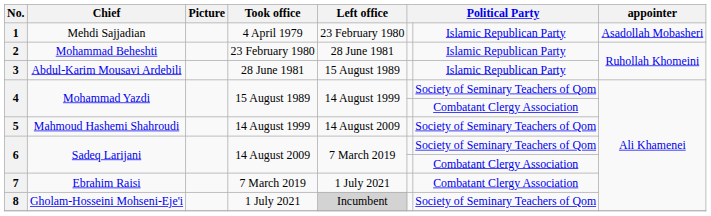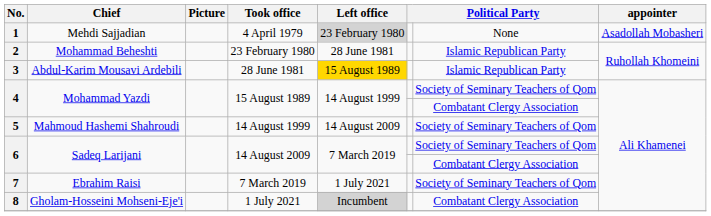 <table class="wikitable" style="text-align:center">
 <tr ->
 <th>No.</th>
 <th>Chief<br></th>
 <th>Picture</th>
 <th>Took office</th>
 <th>Left office</th>
 <th colspan=2><a href='#'>Political Party</a></th>
 <th>appointer</th>
 </tr>
 <tr ->
 <th>1</th>
 <td>Mehdi Sajjadian<br></td>
 <td></td>
 <td>4 April 1979</td>
-<td>23 February 1980</td>
+<td style="background: lightgrey;">23 February 1980</td>
 <td style=></td>
-<td><a href='#'>Islamic Republican Party</a></td>
+<td>None</td>
 <td style="font-weight:normal"><a href='#'>Asadollah Mobasheri</a></td>
 </tr>
 <tr ->
 <th>2</th>
 <td><a href='#'>Mohammad Beheshti</a><br></td>
 <td></td>
 <td>23 February 1980</td>
 <td>28 June 1981<br></td>
 <td style="background:"></td>
 <td><a href='#'>Islamic Republican Party</a></td>
 <td style="font-weight:normal" rowspan="2"><a href='#'>Ruhollah Khomeini</a></td>
 </tr>
 <tr ->
 <th>3</th>
 <td><a href='#'>Abdul-Karim Mousavi Ardebili</a><br></td>
 <td></td>
 <td>28 June 1981</td>
-<td>15 August 1989</td>
+<td style="background: gold;">15 August 1989</td>
 <td style="background:"></td>
 <td><a href='#'>Islamic Republican Party</a></td>
 </tr>
 <tr ->
 <th rowspan="2">4</th>
 <td rowspan="2"><a href='#'>Mohammad Yazdi</a><br></td>
 <td rowspan="2"></td>
 <td rowspan="2">15 August 1989</td>
 <td rowspan="2">14 August 1999</td>
 <td style="background:"></td>
 <td><a href='#'>Society of Seminary Teachers of Qom</a></td>
 <td style="font-weight:normal" rowspan="7"><a href='#'>Ali Khamenei</a></td>
 </tr>
 <tr ->
 <td style="background:"></td>
 <td><a href='#'>Combatant Clergy Association</a></td>
 </tr>
 <tr ->
 <th>5</th>
 <td><a href='#'>Mahmoud Hashemi Shahroudi</a><br></td>
 <td></td>
 <td>14 August 1999</td>
 <td>14 August 2009</td>
 <td style="background:"></td>
 <td><a href='#'>Society of Seminary Teachers of Qom</a></td>
 </tr>
 <tr ->
 <th rowspan="2">6</th>
 <td rowspan="2"><a href='#'>Sadeq Larijani</a><br></td>
 <td rowspan="2"></td>
 <td rowspan="2">14 August 2009</td>
 <td rowspan="2">7 March 2019</td>
 <td style="background:"></td>
 <td><a href='#'>Society of Seminary Teachers of Qom</a></td>
 </tr>
 <tr ->
 <td style="background:"></td>
 <td><a href='#'>Combatant Clergy Association</a></td>
 </tr>
 <tr ->
 <th rowspan="1">7</th>
 <td colspan="1"><a href='#'>Ebrahim Raisi</a><br></td>
 <td></td>
 <td rowspan="1">7 March 2019</td>
 <td rowspan="1">1 July 2021</td>
 <td style="background:"></td>
-<td><a href='#'>Combatant Clergy Association</a></td>
+<td><a href='#'>Society of Seminary Teachers of Qom</a></td>
 </tr>
 <tr>
 <th><strong>8</strong></th>
 <td><a href='#'>Gholam-Hosseini Mohseni-Eje'i</a><br></td>
 <td></td>
 <td>1 July 2021</td>
 <td style="background: lightgrey;">Incumbent</td>
 <td style="background:"></td>
-<td><a href='#'>Society of Seminary Teachers of Qom</a></td>
+<td><a href='#'>Combatant Clergy Association</a></td>
 </tr>
 <tr>
 </tr>
 </table>
